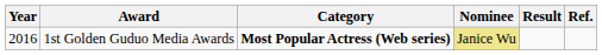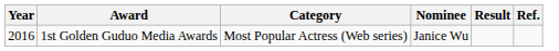 <table class="wikitable">
 <tr>
 <th>Year</th>
 <th>Award</th>
 <th>Category</th>
 <th>Nominee</th>
 <th>Result</th>
 <th>Ref.</th>
 </tr>
 <tr>
 <td rowspan=4>2016</td>
 <td rowspan=3>1st Golden Guduo Media Awards</td>
-<td><strong>Most Popular Actress (Web series)</strong></td>
-<td style="background: khaki;">Janice Wu</td>
+<td>Most Popular Actress (Web series)</td>
+<td>Janice Wu</td>
 <td></td>
 <td rowspan=3></td>
 </tr>
 </table>
